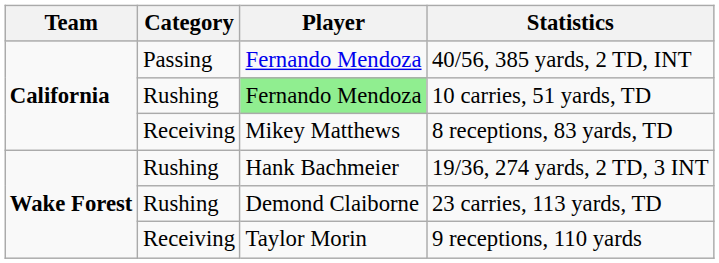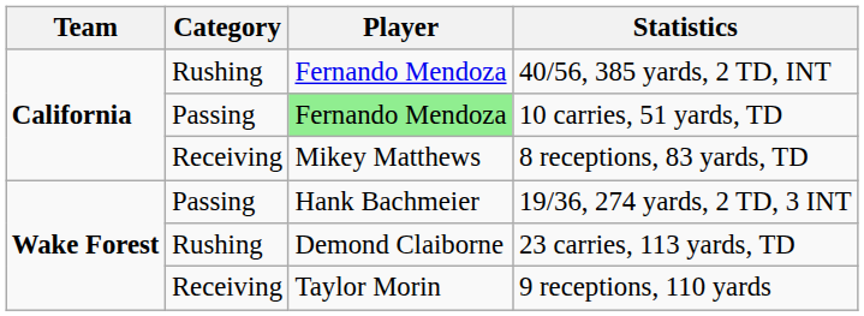 <table class="wikitable" style="float: right;">
 <tr>
 <th>Team</th>
 <th>Category</th>
 <th>Player</th>
 <th>Statistics</th>
 </tr>
 <tr>
 <td rowspan=3><strong>California</strong></td>
-<td>Passing</td>
+<td>Rushing</td>
 <td><a href='#'>Fernando Mendoza</a></td>
 <td>40/56, 385 yards, 2 TD, INT</td>
 </tr>
 <tr>
-<td>Rushing</td>
+<td>Passing</td>
 <td style="background: lightgreen;">Fernando Mendoza</td>
 <td>10 carries, 51 yards, TD</td>
 </tr>
 <tr>
 <td>Receiving</td>
 <td>Mikey Matthews</td>
 <td>8 receptions, 83 yards, TD</td>
 </tr>
 <tr>
 <td rowspan=3><strong>Wake Forest</strong></td>
-<td>Rushing</td>
+<td>Passing</td>
 <td>Hank Bachmeier</td>
 <td>19/36, 274 yards, 2 TD, 3 INT</td>
 </tr>
 <tr>
 <td>Rushing</td>
 <td>Demond Claiborne</td>
 <td>23 carries, 113 yards, TD</td>
 </tr>
 <tr>
 <td>Receiving</td>
 <td>Taylor Morin</td>
 <td>9 receptions, 110 yards</td>
 </tr>
 </table>
